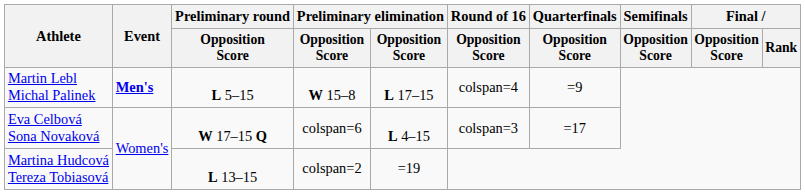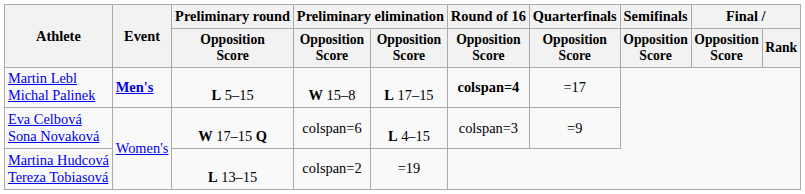 <table class=wikitable style=font-size:90%;text-align:center>
 <tr>
 <th rowspan=2>Athlete</th>
 <th rowspan=2>Event</th>
 <th>Preliminary round</th>
 <th colspan=2>Preliminary elimination</th>
 <th>Round of 16</th>
 <th>Quarterfinals</th>
 <th>Semifinals</th>
 <th colspan=2>Final / </th>
 </tr>
 <tr style=font-size:95%>
 <th>Opposition<br>Score</th>
 <th>Opposition<br>Score</th>
 <th>Opposition<br>Score</th>
 <th>Opposition<br>Score</th>
 <th>Opposition<br>Score</th>
 <th>Opposition<br>Score</th>
 <th>Opposition<br>Score</th>
 <th>Rank</th>
 </tr>
 <tr>
 <td align=left><a href='#'>Martin Lebl</a><br><a href='#'>Michal Palinek</a></td>
 <td align=left><strong><a href='#'>Men's</a></strong></td>
 <td><br><strong>L</strong> 5–15</td>
 <td><br><strong>W</strong> 15–8</td>
 <td><br><strong>L</strong> 17–15</td>
-<td>colspan=4 </td>
-<td>=9</td>
+<td><strong>colspan=4 </strong></td>
+<td>=17</td>
 </tr>
 <tr>
 <td align=left><a href='#'>Eva Celbová</a><br><a href='#'>Sona Novaková</a></td>
 <td align=left rowspan=2><a href='#'>Women's</a></td>
 <td><br><strong>W</strong> 17–15 <strong>Q</strong></td>
 <td>colspan=6 </td>
 <td><br><strong>L</strong> 4–15</td>
 <td>colspan=3 </td>
-<td>=17</td>
+<td>=9</td>
 </tr>
 <tr>
 <td align=left><a href='#'>Martina Hudcová</a><br><a href='#'>Tereza Tobiasová</a></td>
 <td><br><strong>L</strong> 13–15</td>
 <td>colspan=2 </td>
 <td>=19</td>
 </tr>
 </table>
